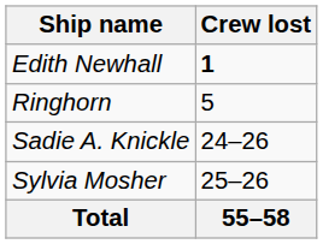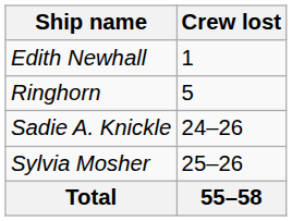 <table class="wikitable collapsible" align="right">
 <tr>
 <th scope="col">Ship name</th>
 <th scope="col">Crew lost</th>
 </tr>
 <tr>
 <td><em>Edith Newhall</em></td>
-<td><strong>1</strong></td>
+<td>1</td>
 </tr>
 <tr>
 <td><em>Ringhorn</em></td>
 <td>5</td>
 </tr>
 <tr>
 <td><em>Sadie A. Knickle</em></td>
 <td>24–26</td>
 </tr>
 <tr>
 <td><em>Sylvia Mosher</em></td>
 <td>25–26</td>
 </tr>
 <tr>
 <th>Total</th>
 <th>55–58</th>
 </tr>
 </table>
